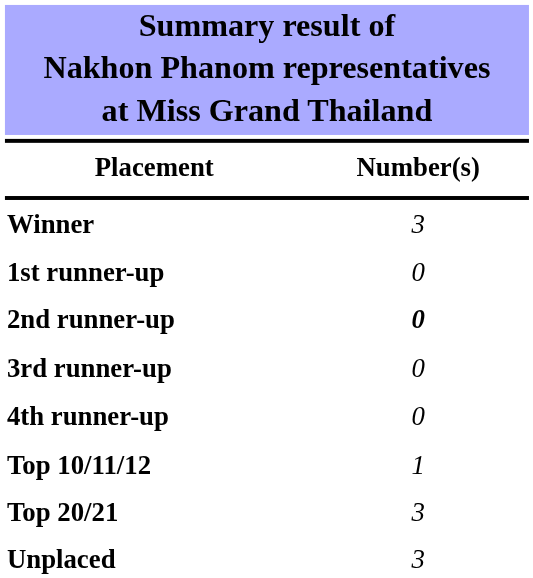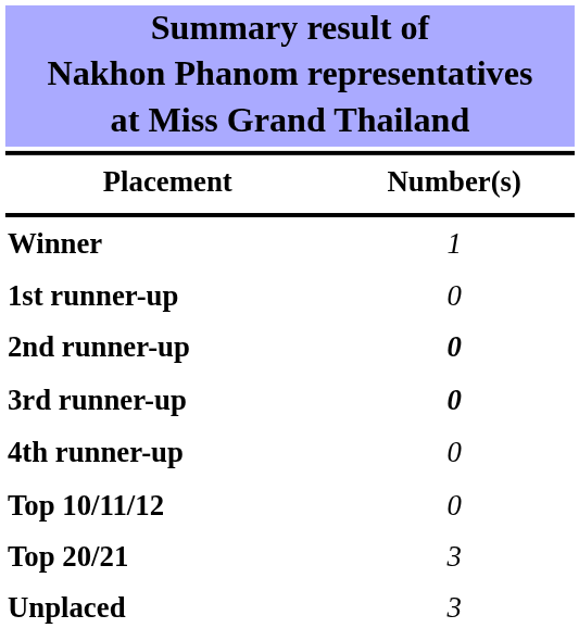 <table style="width: 270px; font-size:85%; line-height:1.5em;">
 <tr>
 <th colspan="2" align="center" style="background:#AAF;"><big>Summary result of<br>Nakhon Phanom representatives<br>at Miss Grand Thailand</big></th>
 </tr>
 <tr>
 <td colspan="2" style="background:black"></td>
 </tr>
 <tr>
 <th scope="col">Placement</th>
 <th scope="col">Number(s)</th>
 </tr>
 <tr>
 <td colspan="2" style="background:black"></td>
 </tr>
 <tr>
 <td align="left"><strong>Winner</strong></td>
-<td align="center"><em>3</em></td>
+<td align="center"><em>1</em></td>
 </tr>
 <tr>
 <td align="left"><strong>1st runner-up</strong></td>
 <td align="center"><em>0</em></td>
 </tr>
 <tr>
 <td align="left"><strong>2nd runner-up</strong></td>
 <td align="center"><strong><em>0</em></strong></td>
 </tr>
 <tr>
 <td align="left"><strong>3rd runner-up</strong></td>
-<td align="center"><em>0</em></td>
+<td align="center"><strong><em>0</em></strong></td>
 </tr>
 <tr>
 <td align="left"><strong>4th runner-up</strong></td>
 <td align="center"><em>0</em></td>
 </tr>
 <tr>
 <td align="left"><strong>Top 10/11/12</strong></td>
-<td align="center"><em>1</em></td>
+<td align="center"><em>0</em></td>
 </tr>
 <tr>
 <td align="left"><strong>Top 20/21</strong></td>
 <td align="center"><em>3</em></td>
 </tr>
 <tr>
 <td align="left"><strong>Unplaced</strong></td>
 <td align="center"><em>3</em></td>
 </tr>
 </table>
